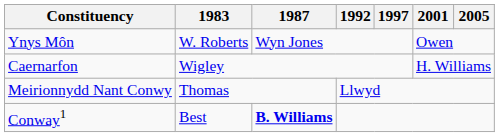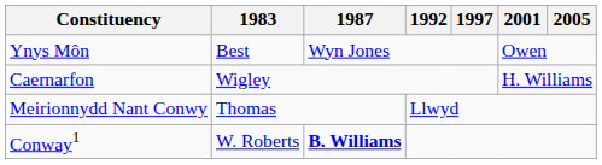 <table class="wikitable">
 <tr>
 <th>Constituency</th>
 <th>1983</th>
 <th>1987</th>
 <th>1992</th>
 <th>1997</th>
 <th>2001</th>
 <th>2005</th>
 </tr>
 <tr>
 <td><a href='#'>Ynys Môn</a></td>
-<td><a href='#'>W. Roberts</a></td>
+<td><a href='#'>Best</a></td>
 <td colspan="3"><a href='#'>Wyn Jones</a></td>
 <td colspan="2"><a href='#'>Owen</a></td>
 </tr>
 <tr>
 <td><a href='#'>Caernarfon</a></td>
 <td colspan="4"><a href='#'>Wigley</a></td>
 <td colspan="2"><a href='#'>H. Williams</a></td>
 </tr>
 <tr>
 <td><a href='#'>Meirionnydd Nant Conwy</a></td>
 <td colspan="2"><a href='#'>Thomas</a></td>
 <td colspan="4"><a href='#'>Llwyd</a></td>
 </tr>
 <tr>
 <td><a href='#'>Conway</a><sup>1</sup></td>
-<td><a href='#'>Best</a></td>
+<td><a href='#'>W. Roberts</a></td>
 <td><strong><a href='#'>B. Williams</a></strong></td>
 </tr>
 </table>
